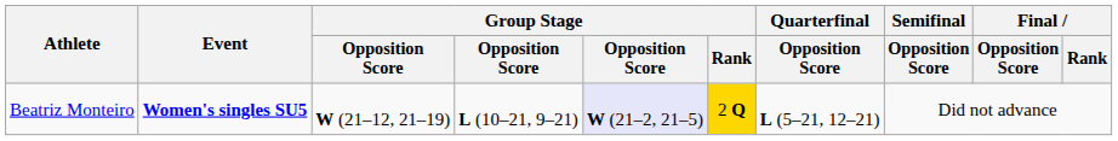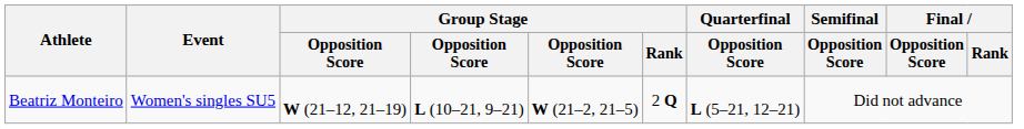 <table class="wikitable" style="font-size:90%; text-align:center">
 <tr>
 <th rowspan="2">Athlete</th>
 <th rowspan="2">Event</th>
 <th colspan="4">Group Stage</th>
 <th>Quarterfinal</th>
 <th>Semifinal</th>
 <th colspan="2">Final / </th>
 </tr>
 <tr style="font-size:95%">
 <th>Opposition<br>Score</th>
 <th>Opposition<br>Score</th>
 <th>Opposition<br>Score</th>
 <th>Rank</th>
 <th>Opposition<br>Score</th>
 <th>Opposition<br>Score</th>
 <th>Opposition<br>Score</th>
 <th>Rank</th>
 </tr>
 <tr>
 <td align="left"><a href='#'>Beatriz Monteiro</a></td>
-<td align="left"><strong><a href='#'>Women's singles SU5</a></strong></td>
+<td align="left"><a href='#'>Women's singles SU5</a></td>
 <td><br><strong>W</strong> (21–12, 21–19)</td>
 <td><br><strong>L</strong> (10–21, 9–21)</td>
-<td style="background: lavender;"><br><strong>W</strong> (21–2, 21–5)</td>
-<td style="background: gold;">2 <strong>Q</strong></td>
+<td><br><strong>W</strong> (21–2, 21–5)</td>
+<td>2 <strong>Q</strong></td>
 <td><br><strong>L</strong> (5–21, 12–21)</td>
 <td colspan="3">Did not advance</td>
 </tr>
 </table>
